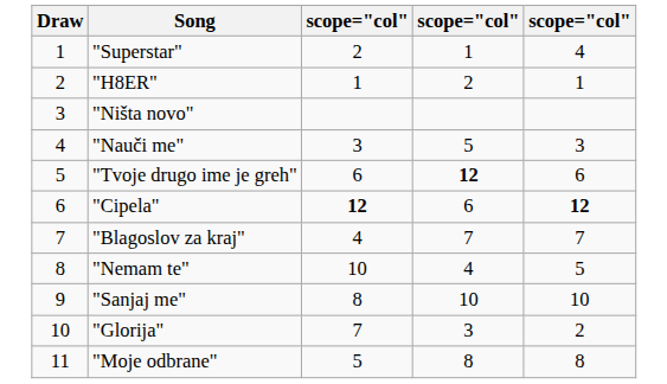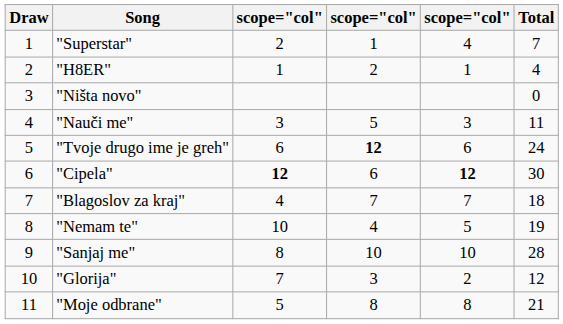 <table class="wikitable collapsible" style="margin: 1em auto 1em auto; text-align:center;">
 <tr>
 <th>Draw</th>
 <th>Song</th>
 <th>scope="col" </th>
 <th>scope="col" </th>
 <th>scope="col" </th>
+<th>Total</th>
 </tr>
 <tr>
 <td>1</td>
 <td align="left">"Superstar"</td>
 <td>2</td>
 <td>1</td>
 <td>4</td>
+<td>7</td>
 </tr>
 <tr>
 <td>2</td>
 <td align="left">"H8ER"</td>
 <td>1</td>
 <td>2</td>
 <td>1</td>
+<td>4</td>
 </tr>
 <tr>
 <td>3</td>
 <td align="left">"Ništa novo"</td>
 <td></td>
 <td></td>
 <td></td>
+<td>0</td>
 </tr>
 <tr>
 <td>4</td>
 <td align="left">"Nauči me"</td>
 <td>3</td>
 <td>5</td>
 <td>3</td>
+<td>11</td>
 </tr>
 <tr>
 <td>5</td>
 <td align="left">"Tvoje drugo ime je greh"</td>
 <td>6</td>
 <td><strong>12</strong></td>
 <td>6</td>
+<td>24</td>
 </tr>
 <tr>
 <td>6</td>
 <td align="left">"Cipela"</td>
 <td><strong>12</strong></td>
 <td>6</td>
 <td><strong>12</strong></td>
+<td>30</td>
 </tr>
 <tr>
 <td>7</td>
 <td align="left">"Blagoslov za kraj"</td>
 <td>4</td>
 <td>7</td>
 <td>7</td>
+<td>18</td>
 </tr>
 <tr>
 <td>8</td>
 <td align="left">"Nemam te"</td>
 <td>10</td>
 <td>4</td>
 <td>5</td>
+<td>19</td>
 </tr>
 <tr>
 <td>9</td>
 <td align="left">"Sanjaj me"</td>
 <td>8</td>
 <td>10</td>
 <td>10</td>
+<td>28</td>
 </tr>
 <tr>
 <td>10</td>
 <td align="left">"Glorija"</td>
 <td>7</td>
 <td>3</td>
 <td>2</td>
+<td>12</td>
 </tr>
 <tr>
 <td>11</td>
 <td align="left">"Moje odbrane"</td>
 <td>5</td>
 <td>8</td>
 <td>8</td>
+<td>21</td>
 </tr>
 </table>
